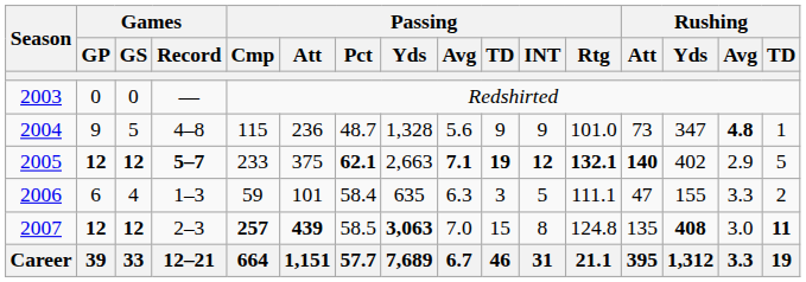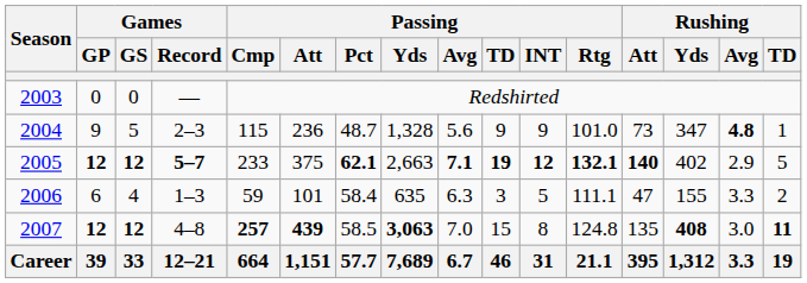 <table class="wikitable" style="text-align:center;">
 <tr>
 <th rowspan=2>Season</th>
 <th colspan=3>Games</th>
 <th colspan=8>Passing</th>
 <th colspan=4>Rushing</th>
 </tr>
 <tr>
 <th>GP</th>
 <th>GS</th>
 <th>Record</th>
 <th>Cmp</th>
 <th>Att</th>
 <th>Pct</th>
 <th>Yds</th>
 <th>Avg</th>
 <th>TD</th>
 <th>INT</th>
 <th>Rtg</th>
 <th>Att</th>
 <th>Yds</th>
 <th>Avg</th>
 <th>TD</th>
 </tr>
 <tr>
 <th colspan="16"></th>
 </tr>
 <tr>
 <td><a href='#'>2003</a></td>
 <td>0</td>
 <td>0</td>
 <td>—</td>
 <td colspan="12"><em>Redshirted</em></td>
 </tr>
 <tr>
 <td><a href='#'>2004</a></td>
 <td>9</td>
 <td>5</td>
-<td>4–8</td>
+<td>2–3</td>
 <td>115</td>
 <td>236</td>
 <td>48.7</td>
 <td>1,328</td>
 <td>5.6</td>
 <td>9</td>
 <td>9</td>
 <td>101.0</td>
 <td>73</td>
 <td>347</td>
 <td><strong>4.8</strong></td>
 <td>1</td>
 </tr>
 <tr>
 <td><a href='#'>2005</a></td>
 <td><strong>12</strong></td>
 <td><strong>12</strong></td>
 <td><strong>5–7</strong></td>
 <td>233</td>
 <td>375</td>
 <td><strong>62.1</strong></td>
 <td>2,663</td>
 <td><strong>7.1</strong></td>
 <td><strong>19</strong></td>
 <td><strong>12</strong></td>
 <td><strong>132.1</strong></td>
 <td><strong>140</strong></td>
 <td>402</td>
 <td>2.9</td>
 <td>5</td>
 </tr>
 <tr>
 <td><a href='#'>2006</a></td>
 <td>6</td>
 <td>4</td>
 <td>1–3</td>
 <td>59</td>
 <td>101</td>
 <td>58.4</td>
 <td>635</td>
 <td>6.3</td>
 <td>3</td>
 <td>5</td>
 <td>111.1</td>
 <td>47</td>
 <td>155</td>
 <td>3.3</td>
 <td>2</td>
 </tr>
 <tr>
 <td><a href='#'>2007</a></td>
 <td><strong>12</strong></td>
 <td><strong>12</strong></td>
-<td>2–3</td>
+<td>4–8</td>
 <td><strong>257</strong></td>
 <td><strong>439</strong></td>
 <td>58.5</td>
 <td><strong>3,063</strong></td>
 <td>7.0</td>
 <td>15</td>
 <td>8</td>
 <td>124.8</td>
 <td>135</td>
 <td><strong>408</strong></td>
 <td>3.0</td>
 <td><strong>11</strong></td>
 </tr>
 <tr>
 <th>Career</th>
 <th>39</th>
 <th>33</th>
 <th>12–21</th>
 <th>664</th>
 <th>1,151</th>
 <th>57.7</th>
 <th>7,689</th>
 <th>6.7</th>
 <th>46</th>
 <th>31</th>
 <th>21.1</th>
 <th>395</th>
 <th>1,312</th>
 <th>3.3</th>
 <th>19</th>
 </tr>
 </table>
